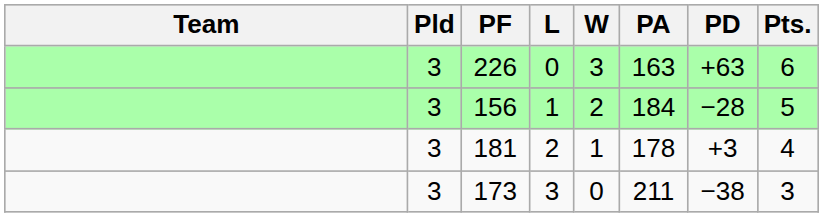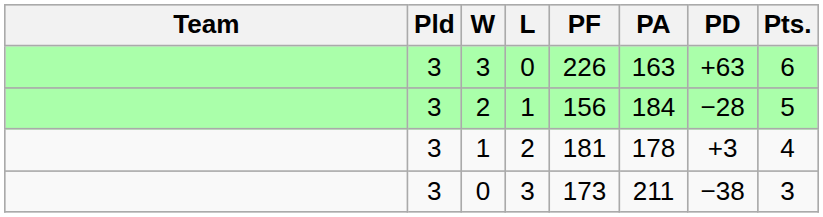 <table class=wikitable style="text-align:center">
 <tr>
 <th width=240>Team</th>
 <th width=20>Pld</th>
+<th width=20>W</th>
+<th width=20>L</th>
 <th width=35>PF</th>
-<th width=20>L</th>
-<th width=20>W</th>
 <th width=35>PA</th>
 <th width=35>PD</th>
 <th width=30>Pts.</th>
 </tr>
 <tr bgcolor=#aaffaa>
 <td align=left></td>
 <td>3</td>
+<td>3</td>
+<td>0</td>
 <td>226</td>
-<td>0</td>
-<td>3</td>
 <td>163</td>
 <td>+63</td>
 <td>6</td>
 </tr>
 <tr bgcolor=#aaffaa>
 <td align=left></td>
 <td>3</td>
+<td>2</td>
+<td>1</td>
 <td>156</td>
-<td>1</td>
-<td>2</td>
 <td>184</td>
 <td>−28</td>
 <td>5</td>
 </tr>
 <tr>
 <td align=left></td>
 <td>3</td>
+<td>1</td>
+<td>2</td>
 <td>181</td>
-<td>2</td>
-<td>1</td>
 <td>178</td>
 <td>+3</td>
 <td>4</td>
 </tr>
 <tr>
 <td align=left></td>
 <td>3</td>
+<td>0</td>
+<td>3</td>
 <td>173</td>
-<td>3</td>
-<td>0</td>
 <td>211</td>
 <td>−38</td>
 <td>3</td>
 </tr>
 </table>
